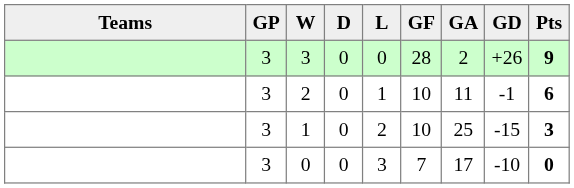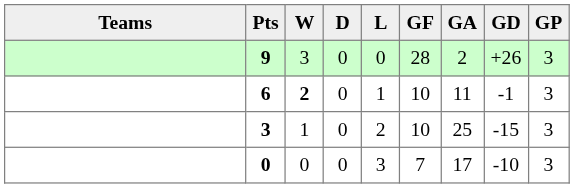 <table style=border-collapse:collapse border=1 cellspacing=0 cellpadding=5>
 <tr align=center bgcolor=#efefef>
 <th width=185>Teams</th>
-<th width=20>GP</th>
+<th width=20>Pts<br></th>
 <th width=20>W</th>
 <th width=20>D</th>
 <th width=20>L</th>
 <th width=20>GF</th>
 <th width=20>GA</th>
 <th width=20>GD</th>
-<th width=20>Pts<br></th>
+<th width=20>GP</th>
 </tr>
 <tr align=center bgcolor="ccffcc">
 <td style="text-align:left;"></td>
-<td>3</td>
+<td><strong>9</strong></td>
 <td>3</td>
 <td>0</td>
 <td>0</td>
 <td>28</td>
 <td>2</td>
 <td>+26</td>
-<td><strong>9</strong></td>
+<td>3</td>
 </tr>
 <tr align=center>
 <td style="text-align:left;"></td>
-<td>3</td>
-<td>2</td>
+<td><strong>6</strong></td>
+<td><strong>2</strong></td>
 <td>0</td>
 <td>1</td>
 <td>10</td>
 <td>11</td>
 <td>-1</td>
-<td><strong>6</strong></td>
+<td>3</td>
 </tr>
 <tr align=center>
 <td style="text-align:left;"></td>
-<td>3</td>
+<td><strong>3</strong></td>
 <td>1</td>
 <td>0</td>
 <td>2</td>
 <td>10</td>
 <td>25</td>
 <td>-15</td>
-<td><strong>3</strong></td>
+<td>3</td>
 </tr>
 <tr align=center>
 <td style="text-align:left;"></td>
-<td>3</td>
+<td><strong>0</strong></td>
 <td>0</td>
 <td>0</td>
 <td>3</td>
 <td>7</td>
 <td>17</td>
 <td>-10</td>
-<td><strong>0</strong></td>
+<td>3</td>
 </tr>
 </table>
